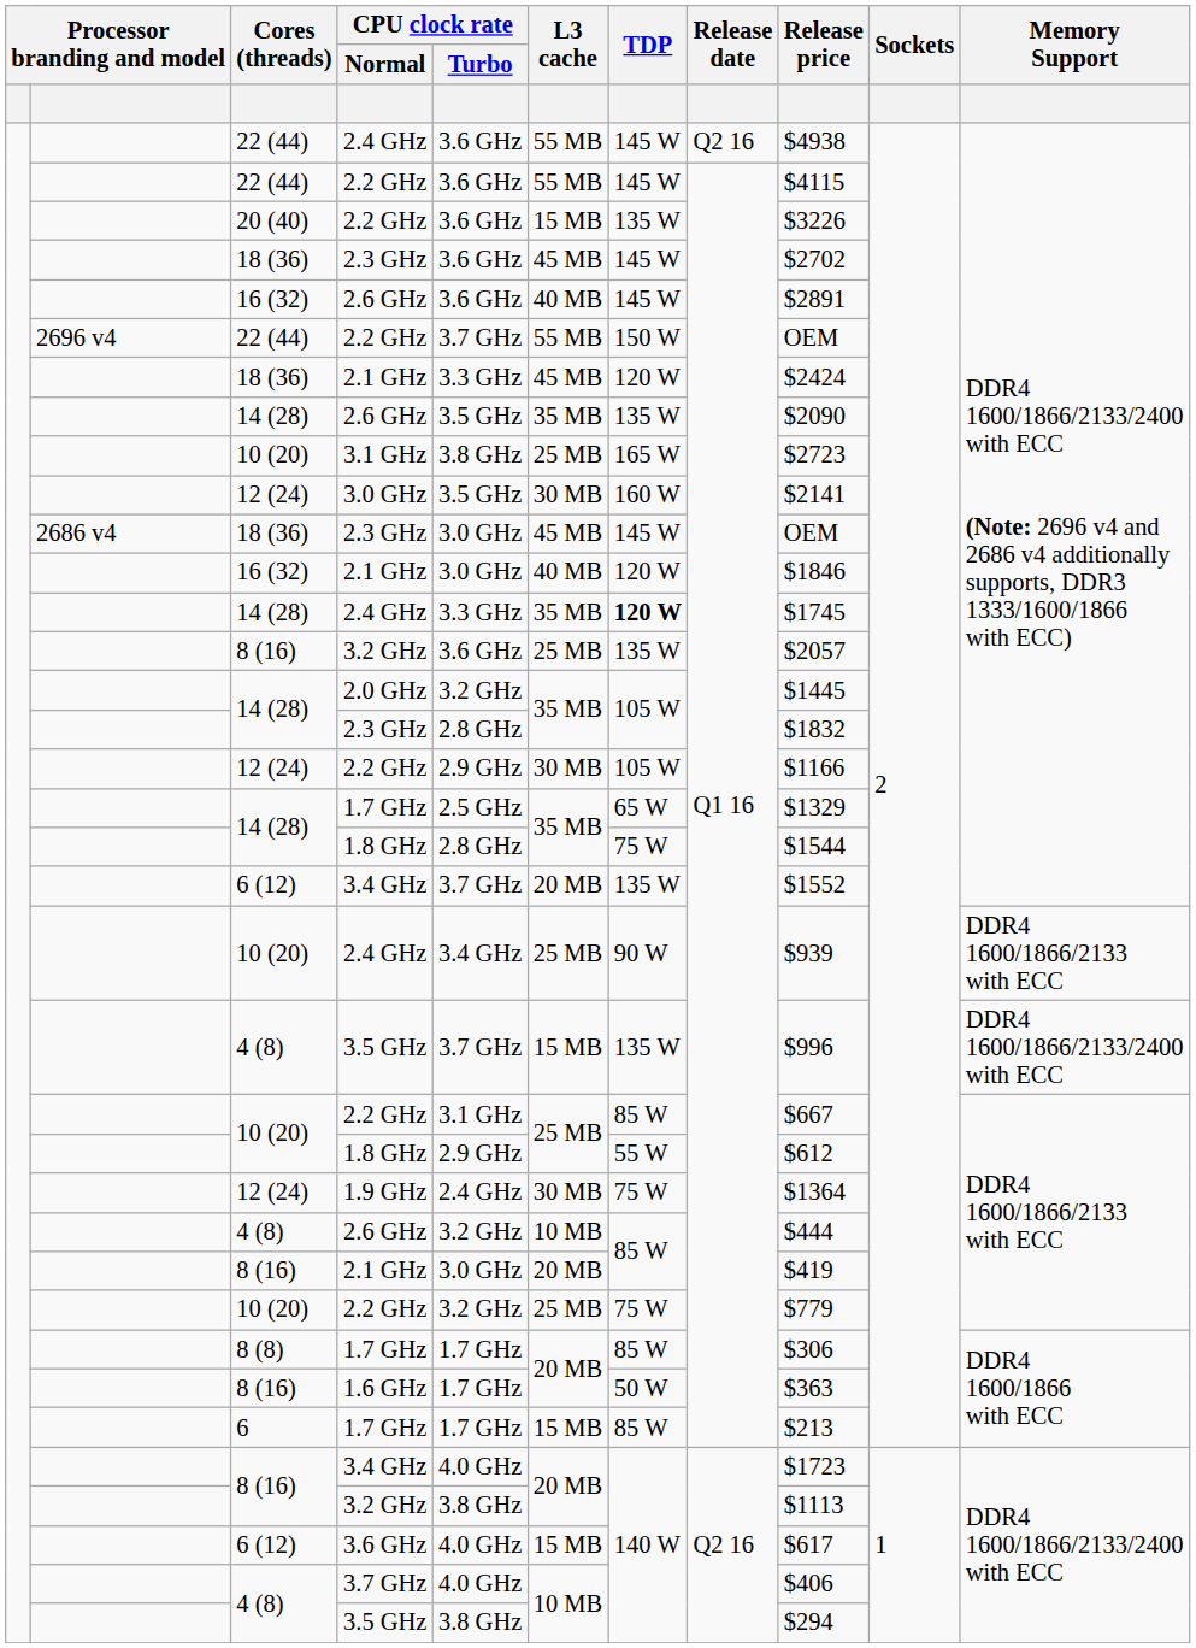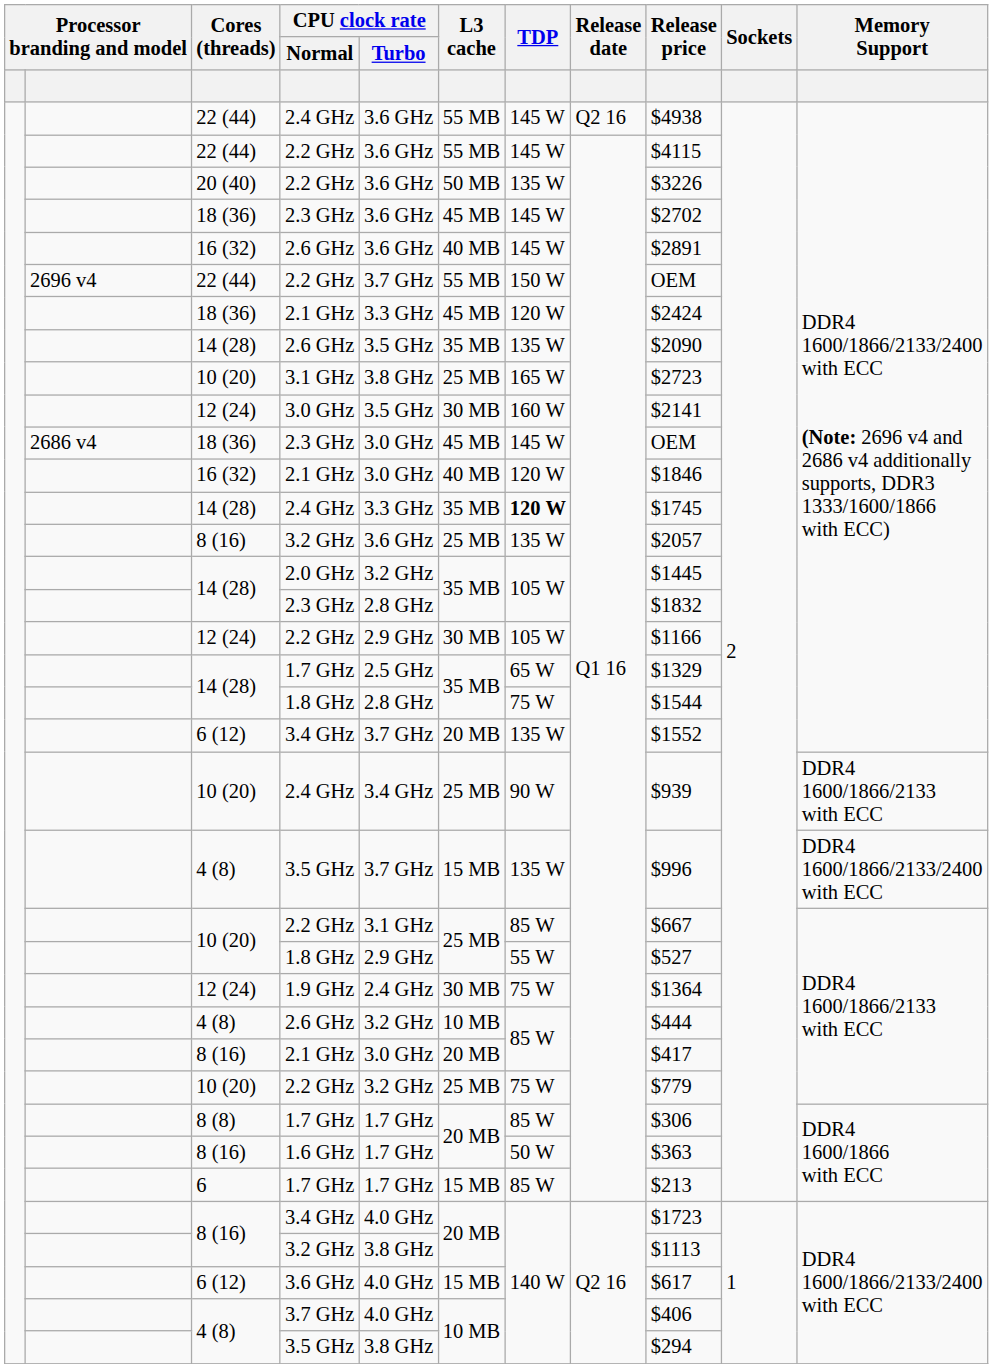 <table class="wikitable sortable hover-highlight">
 <tr>
 <th colspan="2" rowspan="2">Processor<br>branding and model</th>
 <th rowspan="2">Cores<br>(threads)</th>
 <th colspan="2">CPU <a href='#'>clock rate</a></th>
 <th rowspan="2" data-sort-type="number">L3<br>cache</th>
 <th rowspan="2" data-sort-type="number"><a href='#'>TDP</a></th>
 <th rowspan="2" class="unsortable">Release<br>date</th>
 <th rowspan="2">Release<br>price</th>
 <th rowspan="2">Sockets</th>
 <th rowspan="2">Memory<br>Support</th>
 </tr>
 <tr>
 <th>Normal</th>
 <th data-sort-type="number"><a href='#'>Turbo</a></th>
 </tr>
 <tr>
 <th style="background-position:center"><br></th>
 <th style="background-position:center"></th>
 <th style="background-position:center"></th>
 <th style="background-position:center"></th>
 <th style="background-position:center"></th>
 <th style="background-position:center"></th>
 <th style="background-position:center"></th>
 <th style="background-position:center"></th>
 <th style="background-position:center"></th>
 <th style="background-position:center"></th>
 <th style="background-position:center"></th>
 </tr>
 <tr>
 <td rowspan="36"></td>
 <td></td>
 <td>22 (44)</td>
 <td>2.4 GHz</td>
 <td>3.6 GHz</td>
 <td>55 MB</td>
 <td>145 W</td>
 <td>Q2 16</td>
 <td>$4938</td>
 <td rowspan="31">2</td>
 <td rowspan="20">DDR4 <br>1600/1866/2133/2400<br>with ECC <br><br><br><strong>(Note:</strong> 2696 v4 and <br> 2686 v4 additionally <br>supports, DDR3 <br>1333/1600/1866 <br>with ECC)</td>
 </tr>
 <tr>
 <td><strong></strong></td>
 <td>22 (44)</td>
 <td>2.2 GHz</td>
 <td>3.6 GHz</td>
 <td>55 MB</td>
 <td>145 W</td>
 <td rowspan="30">Q1 16</td>
 <td>$4115</td>
 </tr>
 <tr>
 <td><strong></strong></td>
 <td>20 (40)</td>
 <td>2.2 GHz</td>
 <td>3.6 GHz</td>
-<td>15 MB</td>
+<td>50 MB</td>
 <td>135 W</td>
 <td>$3226</td>
 </tr>
 <tr>
 <td><strong></strong></td>
 <td>18 (36)</td>
 <td>2.3 GHz</td>
 <td>3.6 GHz</td>
 <td>45 MB</td>
 <td>145 W</td>
 <td>$2702</td>
 </tr>
 <tr>
 <td><strong></strong></td>
 <td>16 (32)</td>
 <td>2.6 GHz</td>
 <td>3.6 GHz</td>
 <td>40 MB</td>
 <td>145 W</td>
 <td>$2891</td>
 </tr>
 <tr>
 <td>2696 v4</td>
 <td>22 (44)</td>
 <td>2.2 GHz</td>
 <td>3.7 GHz</td>
 <td>55 MB</td>
 <td>150 W</td>
 <td>OEM</td>
 </tr>
 <tr>
 <td><strong></strong></td>
 <td>18 (36)</td>
 <td>2.1 GHz</td>
 <td>3.3 GHz</td>
 <td>45 MB</td>
 <td>120 W</td>
 <td>$2424</td>
 </tr>
 <tr>
 <td><strong></strong></td>
 <td>14 (28)</td>
 <td>2.6 GHz</td>
 <td>3.5 GHz</td>
 <td>35 MB</td>
 <td>135 W</td>
 <td>$2090</td>
 </tr>
 <tr>
 <td><strong></strong></td>
 <td>10 (20)</td>
 <td>3.1 GHz</td>
 <td>3.8 GHz</td>
 <td>25 MB</td>
 <td>165 W</td>
 <td>$2723</td>
 </tr>
 <tr>
 <td><strong></strong></td>
 <td>12 (24)</td>
 <td>3.0 GHz</td>
 <td>3.5 GHz</td>
 <td>30 MB</td>
 <td>160 W</td>
 <td>$2141</td>
 </tr>
 <tr>
 <td>2686 v4</td>
 <td>18 (36)</td>
 <td>2.3 GHz</td>
 <td>3.0 GHz</td>
 <td>45 MB</td>
 <td>145 W</td>
 <td>OEM</td>
 </tr>
 <tr>
 <td><strong></strong></td>
 <td>16 (32)</td>
 <td>2.1 GHz</td>
 <td>3.0 GHz</td>
 <td>40 MB</td>
 <td>120 W</td>
 <td>$1846</td>
 </tr>
 <tr>
 <td><strong></strong></td>
 <td>14 (28)</td>
 <td>2.4 GHz</td>
 <td>3.3 GHz</td>
 <td>35 MB</td>
 <td><strong>120 W</strong></td>
 <td>$1745</td>
 </tr>
 <tr>
 <td><strong></strong></td>
 <td>8 (16)</td>
 <td>3.2 GHz</td>
 <td>3.6 GHz</td>
 <td>25 MB</td>
 <td>135 W</td>
 <td>$2057</td>
 </tr>
 <tr>
 <td><strong></strong></td>
 <td rowspan="2">14 (28)</td>
 <td>2.0 GHz</td>
 <td>3.2 GHz</td>
 <td rowspan="2">35 MB</td>
 <td rowspan="2">105 W</td>
 <td>$1445</td>
 </tr>
 <tr>
 <td><strong></strong></td>
 <td>2.3 GHz</td>
 <td>2.8 GHz</td>
 <td>$1832</td>
 </tr>
 <tr>
 <td><strong></strong></td>
 <td>12 (24)</td>
 <td>2.2 GHz</td>
 <td>2.9 GHz</td>
 <td>30 MB</td>
 <td>105 W</td>
 <td>$1166</td>
 </tr>
 <tr>
 <td><strong></strong></td>
 <td rowspan="2">14 (28)</td>
 <td>1.7 GHz</td>
 <td>2.5 GHz</td>
 <td rowspan="2">35 MB</td>
 <td>65 W</td>
 <td>$1329</td>
 </tr>
 <tr>
 <td><strong></strong></td>
 <td>1.8 GHz</td>
 <td>2.8 GHz</td>
 <td>75 W</td>
 <td>$1544</td>
 </tr>
 <tr>
 <td><strong></strong></td>
 <td>6 (12)</td>
 <td>3.4 GHz</td>
 <td>3.7 GHz</td>
 <td>20 MB</td>
 <td>135 W</td>
 <td>$1552</td>
 </tr>
 <tr>
 <td><strong></strong></td>
 <td>10 (20)</td>
 <td>2.4 GHz</td>
 <td>3.4 GHz</td>
 <td>25 MB</td>
 <td>90 W</td>
 <td>$939</td>
 <td>DDR4 <br>1600/1866/2133<br>with ECC</td>
 </tr>
 <tr>
 <td><strong></strong></td>
 <td>4 (8)</td>
 <td>3.5 GHz</td>
 <td>3.7 GHz</td>
 <td>15 MB</td>
 <td>135 W</td>
 <td>$996</td>
 <td>DDR4 <br>1600/1866/2133/2400<br>with ECC</td>
 </tr>
 <tr>
 <td><strong></strong></td>
 <td rowspan="2">10 (20)</td>
 <td>2.2 GHz</td>
 <td>3.1 GHz</td>
 <td rowspan="2">25 MB</td>
 <td>85 W</td>
 <td>$667</td>
 <td rowspan="6">DDR4 <br>1600/1866/2133<br>with ECC</td>
 </tr>
 <tr>
 <td><strong></strong></td>
 <td>1.8 GHz</td>
 <td>2.9 GHz</td>
 <td>55 W</td>
-<td>$612</td>
+<td>$527</td>
 </tr>
 <tr>
 <td><strong></strong></td>
 <td>12 (24)</td>
 <td>1.9 GHz</td>
 <td>2.4 GHz</td>
 <td>30 MB</td>
 <td>75 W</td>
 <td>$1364</td>
 </tr>
 <tr>
 <td><strong></strong></td>
 <td>4 (8)</td>
 <td>2.6 GHz</td>
 <td>3.2 GHz</td>
 <td>10 MB</td>
 <td rowspan="2">85 W</td>
 <td>$444</td>
 </tr>
 <tr>
 <td><strong></strong></td>
 <td>8 (16)</td>
 <td>2.1 GHz</td>
 <td>3.0 GHz</td>
 <td>20 MB</td>
-<td>$419</td>
+<td>$417</td>
 </tr>
 <tr>
 <td><strong></strong></td>
 <td>10 (20)</td>
 <td>2.2 GHz</td>
 <td>3.2 GHz</td>
 <td>25 MB</td>
 <td>75 W</td>
 <td>$779</td>
 </tr>
 <tr>
 <td><strong></strong></td>
 <td>8 (8)</td>
 <td>1.7 GHz</td>
 <td>1.7 GHz</td>
 <td rowspan="2">20 MB</td>
 <td>85 W</td>
 <td>$306</td>
 <td rowspan="3">DDR4 <br>1600/1866<br>with ECC</td>
 </tr>
 <tr>
 <td><strong></strong></td>
 <td>8 (16)</td>
 <td>1.6 GHz</td>
 <td>1.7 GHz</td>
 <td>50 W</td>
 <td>$363</td>
 </tr>
 <tr>
 <td><strong></strong></td>
 <td>6</td>
 <td>1.7 GHz</td>
 <td>1.7 GHz</td>
 <td>15 MB</td>
 <td>85 W</td>
 <td>$213</td>
 </tr>
 <tr>
 <td><strong></strong></td>
 <td rowspan="2">8 (16)</td>
 <td>3.4 GHz</td>
 <td>4.0 GHz</td>
 <td rowspan="2">20 MB</td>
 <td rowspan="5">140 W</td>
 <td rowspan="5">Q2 16</td>
 <td>$1723</td>
 <td rowspan="5">1</td>
 <td rowspan="5">DDR4 <br>1600/1866/2133/2400<br>with ECC</td>
 </tr>
 <tr>
 <td><strong></strong></td>
 <td>3.2 GHz</td>
 <td>3.8 GHz</td>
 <td>$1113</td>
 </tr>
 <tr>
 <td><strong></strong></td>
 <td>6 (12)</td>
 <td>3.6 GHz</td>
 <td>4.0 GHz</td>
 <td>15 MB</td>
 <td>$617</td>
 </tr>
 <tr>
 <td><strong></strong></td>
 <td rowspan="2">4 (8)</td>
 <td>3.7 GHz</td>
 <td>4.0 GHz</td>
 <td rowspan="2">10 MB</td>
 <td>$406</td>
 </tr>
 <tr>
 <td><strong></strong></td>
 <td>3.5 GHz</td>
 <td>3.8 GHz</td>
 <td>$294</td>
 </tr>
 <tr>
 </tr>
 </table>
